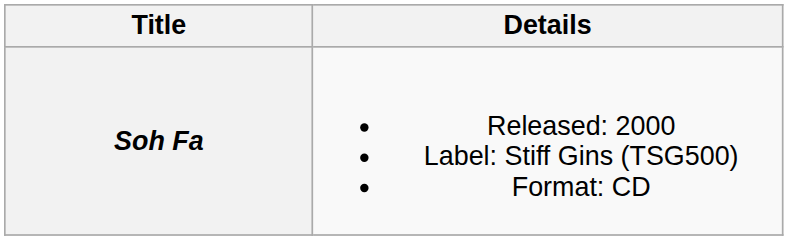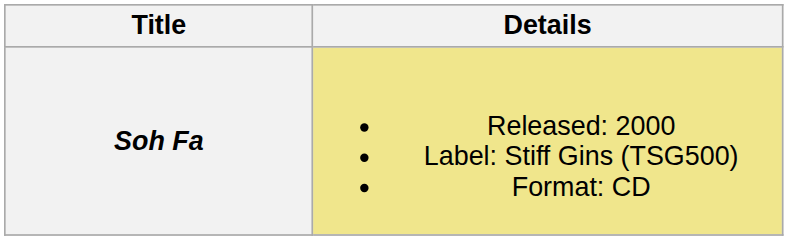 <table class="wikitable plainrowheaders" style="text-align:center;" border="1">
 <tr>
 <th scope="col" style="width:11em;">Title</th>
 <th scope="col" style="width:17em;">Details</th>
 </tr>
 <tr>
 <th scope="row"><em>Soh Fa</em></th>
-<td><br><ul><li>Released: 2000</li><li>Label: Stiff Gins (TSG500)</li><li>Format: CD</li></ul></td>
+<td style="background: khaki;"><br><ul><li>Released: 2000</li><li>Label: Stiff Gins (TSG500)</li><li>Format: CD</li></ul></td>
 </tr>
 </table>
